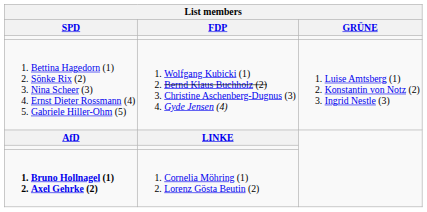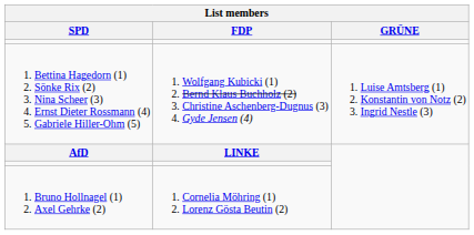 <table class=wikitable>
 <tr>
 <th colspan=3>List members</th>
 </tr>
 <tr>
 <th><a href='#'>SPD</a></th>
 <th><a href='#'>FDP</a></th>
 <th><a href='#'>GRÜNE</a></th>
 </tr>
 <tr>
 <td bgcolor=></td>
 <td bgcolor=></td>
 <td bgcolor=></td>
 </tr>
 <tr>
 <td><br><ol><li><a href='#'>Bettina Hagedorn</a> (1)</li><li><a href='#'>Sönke Rix</a> (2)</li><li><a href='#'>Nina Scheer</a> (3)</li><li><a href='#'>Ernst Dieter Rossmann</a> (4)</li><li><a href='#'>Gabriele Hiller-Ohm</a> (5)</li></ol></td>
 <td><br><ol><li><a href='#'>Wolfgang Kubicki</a> (1)</li><li><s><a href='#'>Bernd Klaus Buchholz</a> (2)</s></li><li><a href='#'>Christine Aschenberg-Dugnus</a> (3)</li><li><em><a href='#'>Gyde Jensen</a> (4)</em></li></ol></td>
 <td><br><ol><li><a href='#'>Luise Amtsberg</a> (1)</li><li><a href='#'>Konstantin von Notz</a> (2)</li><li><a href='#'>Ingrid Nestle</a> (3)</li></ol></td>
 </tr>
 <tr>
 <th><a href='#'>AfD</a></th>
 <th><a href='#'>LINKE</a></th>
 </tr>
 <tr>
 <td bgcolor=></td>
 <td bgcolor=></td>
 </tr>
 <tr>
-<td><strong><br><ol><li><a href='#'>Bruno Hollnagel</a> (1)</li><li><a href='#'>Axel Gehrke</a> (2)</li></ol></strong></td>
+<td><br><ol><li><a href='#'>Bruno Hollnagel</a> (1)</li><li><a href='#'>Axel Gehrke</a> (2)</li></ol></td>
 <td><br><ol><li><a href='#'>Cornelia Möhring</a> (1)</li><li><a href='#'>Lorenz Gösta Beutin</a> (2)</li></ol></td>
 </tr>
 </table>
